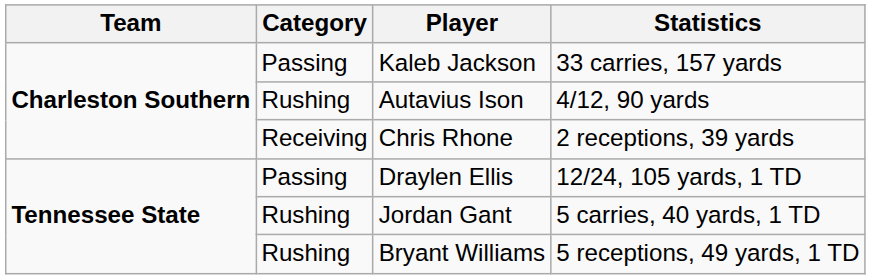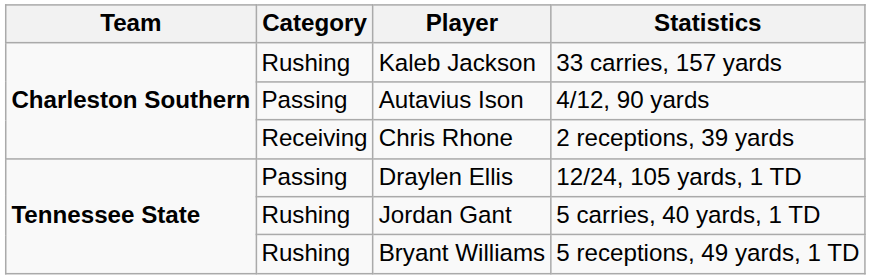 <table class="wikitable" style="float: right;">
 <tr>
 <th>Team</th>
 <th>Category</th>
 <th>Player</th>
 <th>Statistics</th>
 </tr>
 <tr>
 <td rowspan=3><strong>Charleston Southern</strong></td>
-<td>Passing</td>
+<td>Rushing</td>
 <td>Kaleb Jackson</td>
 <td>33 carries, 157 yards</td>
 </tr>
 <tr>
-<td>Rushing</td>
+<td>Passing</td>
 <td>Autavius Ison</td>
 <td>4/12, 90 yards</td>
 </tr>
 <tr>
 <td>Receiving</td>
 <td>Chris Rhone</td>
 <td>2 receptions, 39 yards</td>
 </tr>
 <tr>
 <td rowspan=3><strong>Tennessee State</strong></td>
 <td>Passing</td>
 <td>Draylen Ellis</td>
 <td>12/24, 105 yards, 1 TD</td>
 </tr>
 <tr>
 <td>Rushing</td>
 <td>Jordan Gant</td>
 <td>5 carries, 40 yards, 1 TD</td>
 </tr>
 <tr>
 <td>Rushing</td>
 <td>Bryant Williams</td>
 <td>5 receptions, 49 yards, 1 TD</td>
 </tr>
 </table>
